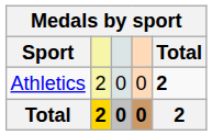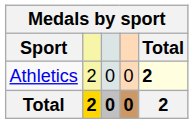 <table class="wikitable" style="font-size:85%; float:right;">
 <tr style="background:#efefef;">
 <th colspan=5>Medals by sport</th>
 </tr>
 <tr>
 <th>Sport</th>
 <td bgcolor=F7F6A8></td>
 <td bgcolor=DCE5E5></td>
 <td bgcolor=FFDAB9></td>
 <th>Total</th>
 </tr>
 <tr>
 <td><a href='#'>Athletics</a></td>
 <td bgcolor=F7F6A8>2</td>
 <td bgcolor=DCE5E5>0</td>
 <td bgcolor=FFDAB9>0</td>
-<td><strong>2</strong></td>
+<td style="background: lightyellow;"><strong>2</strong></td>
 </tr>
 <tr>
 <th>Total</th>
 <th style=background:gold>2</th>
 <th style=background:silver>0</th>
 <th style=background:#c96>0</th>
 <th>2</th>
 </tr>
 </table>
